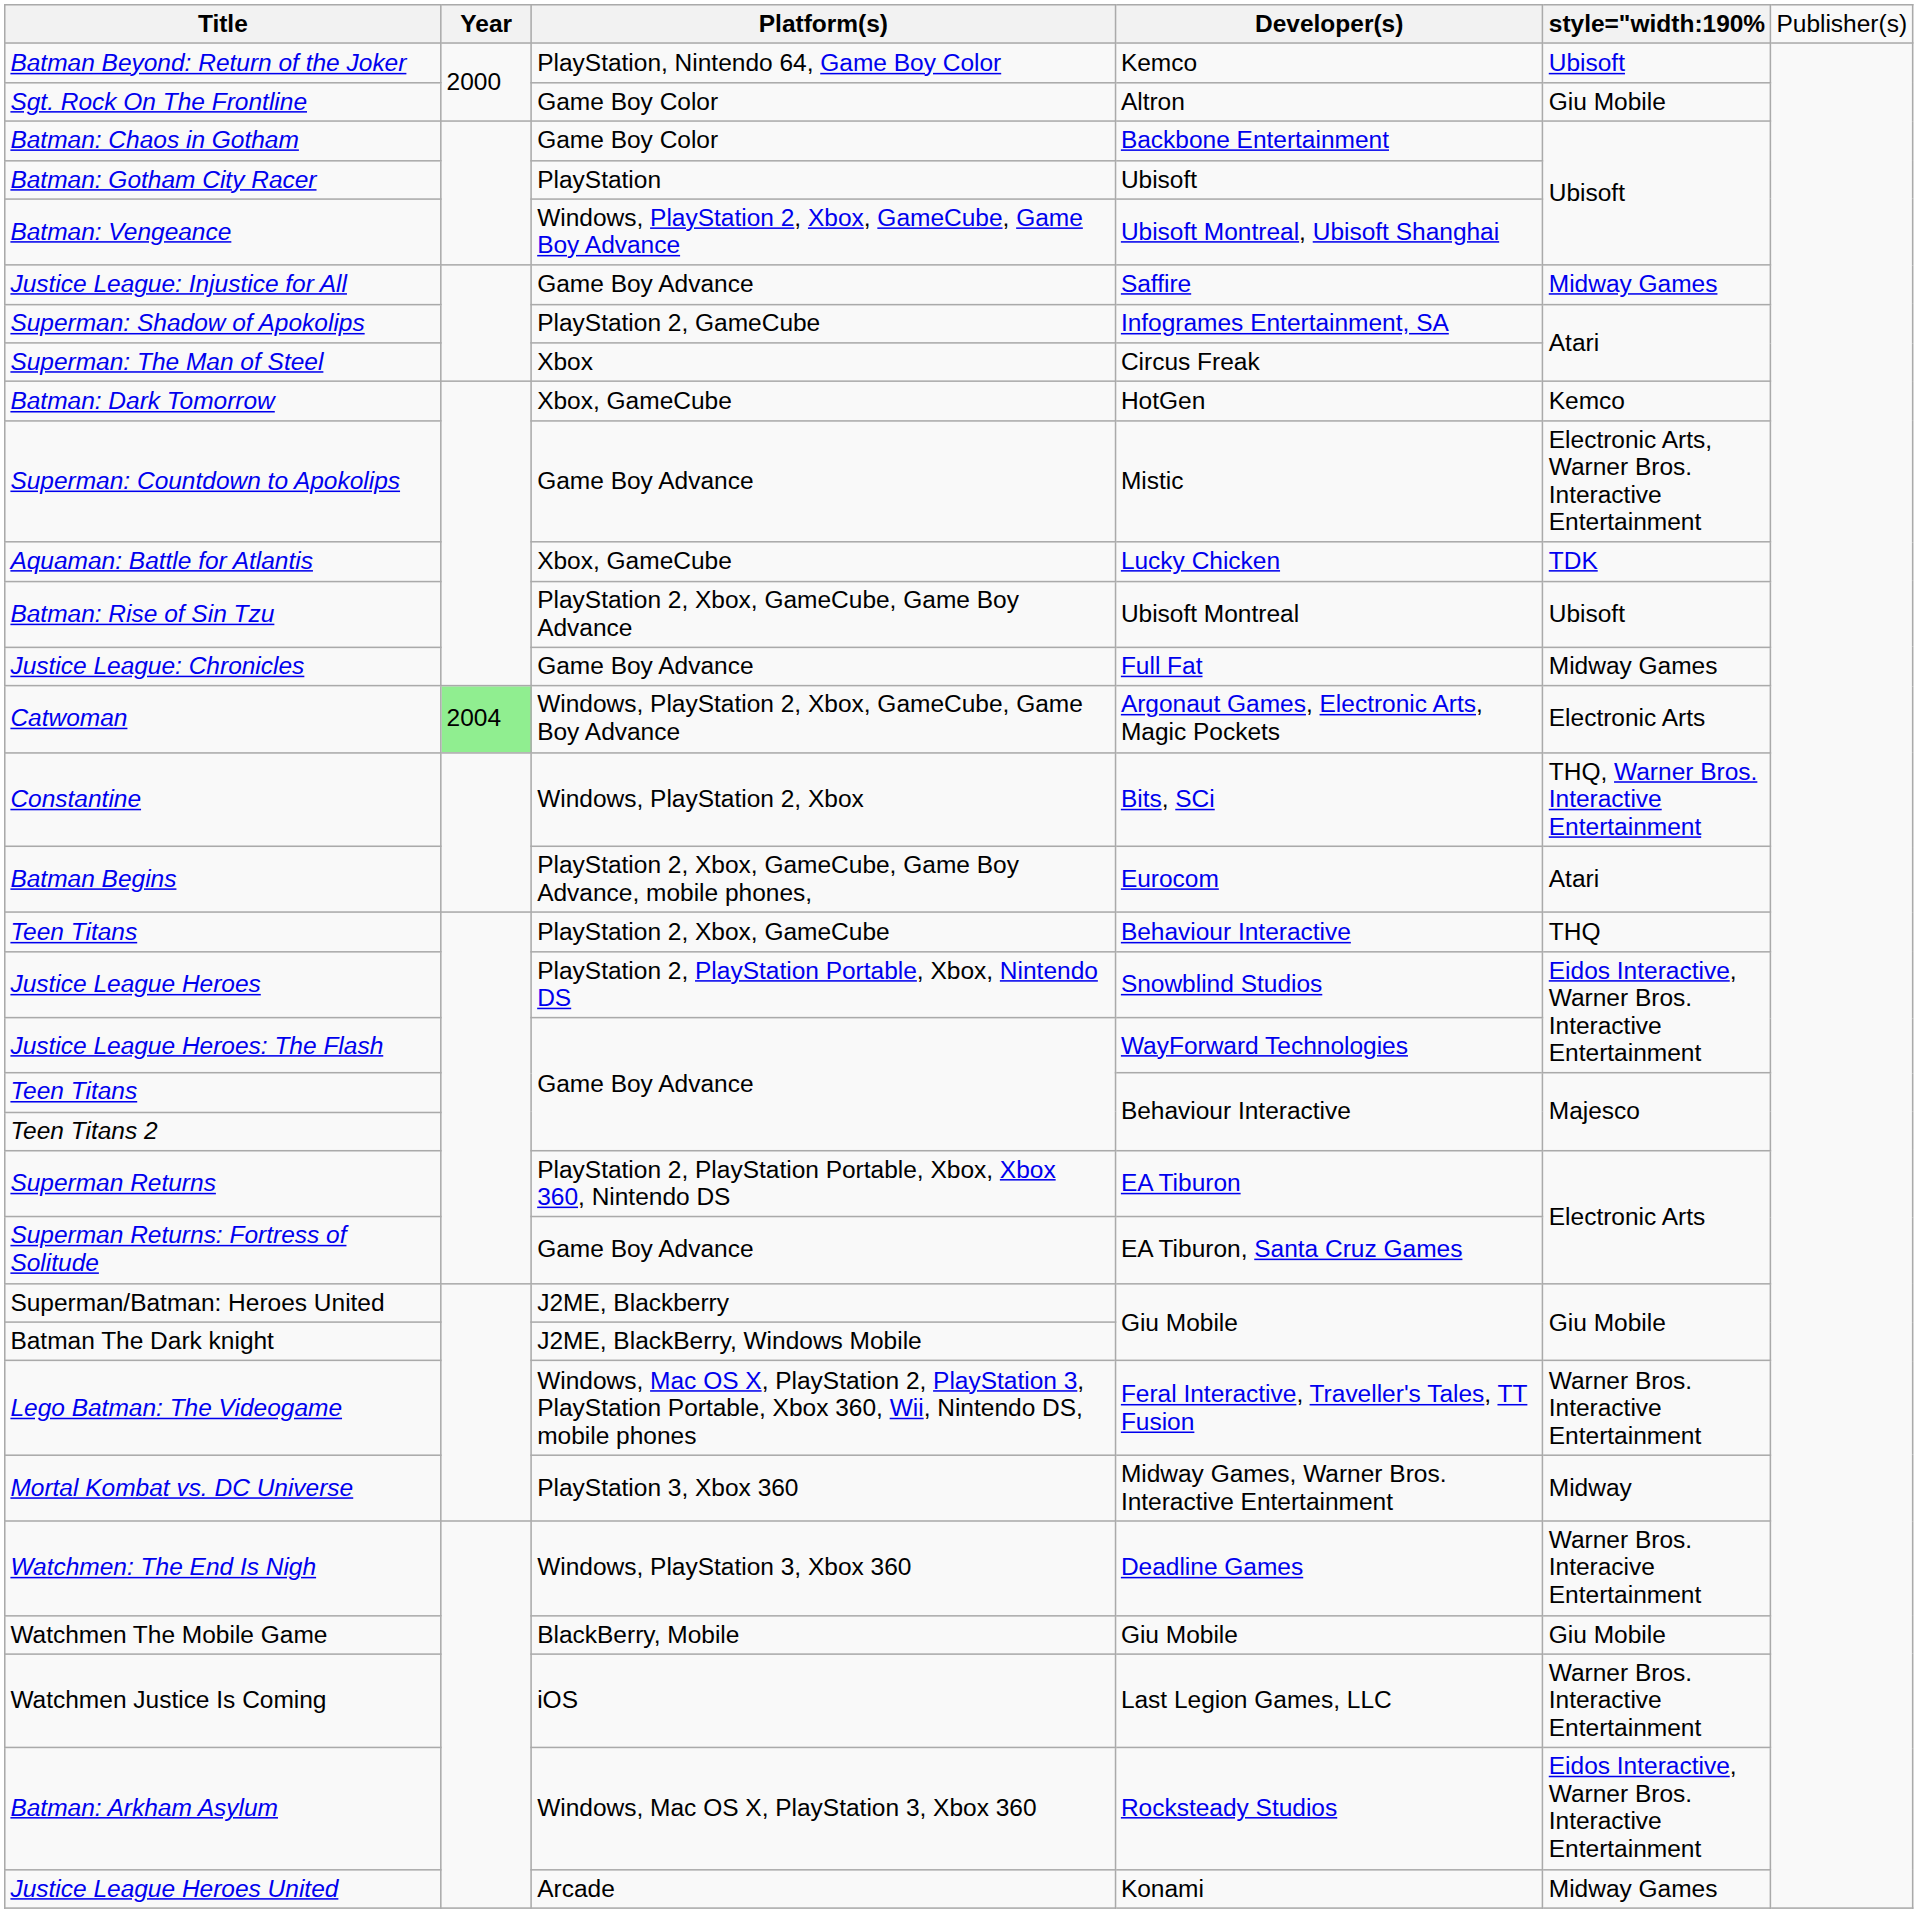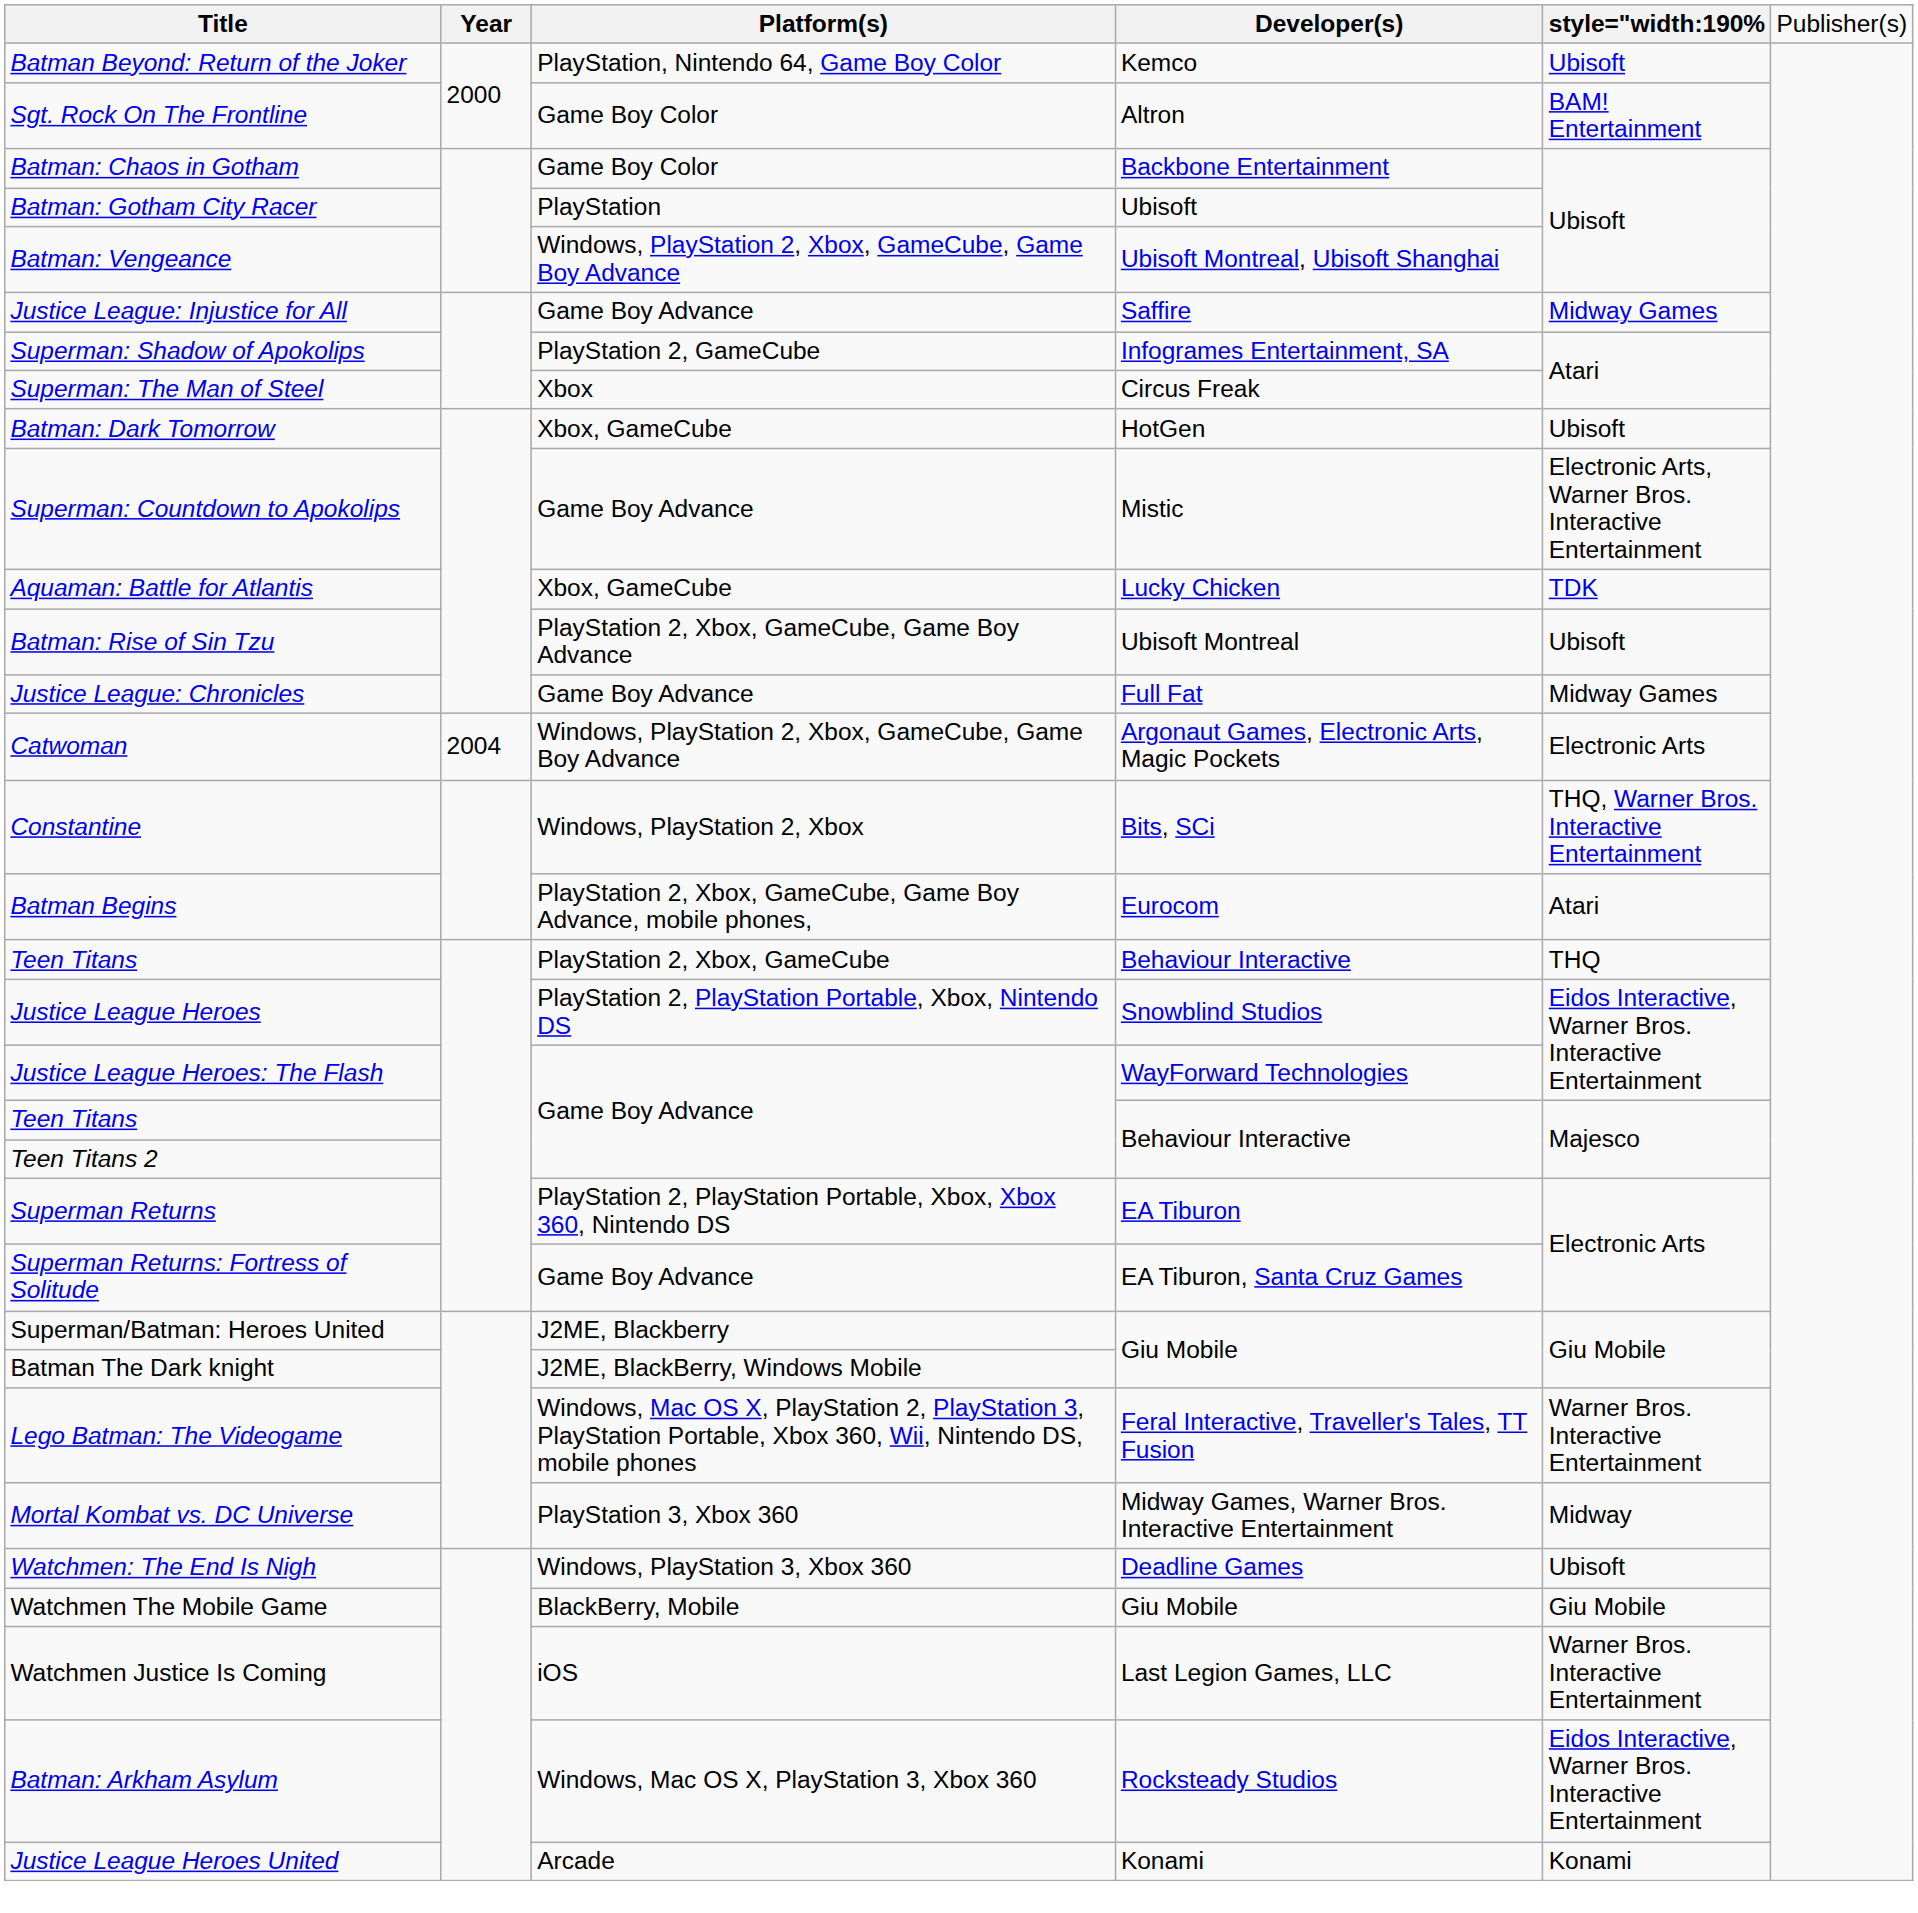 <table class="wikitable sortable">
 <tr>
 <th style="width:25%">Title</th>
 <th style="width:5%;">Year</th>
 <th style="width:35%">Platform(s)</th>
 <th style="width:25%">Developer(s)</th>
 <th>style="width:190%</th>
 <td>Publisher(s)</td>
 </tr>
 <tr>
 <td><em><a href='#'>Batman Beyond: Return of the Joker</a></em></td>
 <td rowspan="2">2000</td>
 <td>PlayStation, Nintendo 64, <a href='#'>Game Boy Color</a></td>
 <td>Kemco</td>
 <td rowspan="1"><a href='#'>Ubisoft</a></td>
 </tr>
 <tr>
 <td><em><a href='#'>Sgt. Rock On The Frontline</a></em></td>
 <td>Game Boy Color</td>
 <td>Altron</td>
-<td>Giu Mobile</td>
+<td rowspan="1"><a href='#'>BAM! Entertainment</a></td>
 </tr>
 <tr>
 <td><em><a href='#'>Batman: Chaos in Gotham</a></em></td>
 <td rowspan="3"></td>
 <td>Game Boy Color</td>
 <td><a href='#'>Backbone Entertainment</a></td>
 <td rowspan="3">Ubisoft</td>
 </tr>
 <tr>
 <td><em><a href='#'>Batman: Gotham City Racer</a></em></td>
 <td>PlayStation</td>
 <td>Ubisoft</td>
 </tr>
 <tr>
 <td><em><a href='#'>Batman: Vengeance</a></em></td>
 <td>Windows, <a href='#'>PlayStation 2</a>, <a href='#'>Xbox</a>, <a href='#'>GameCube</a>, <a href='#'>Game Boy Advance</a></td>
 <td><a href='#'>Ubisoft Montreal</a>, <a href='#'>Ubisoft Shanghai</a></td>
 </tr>
 <tr>
 <td><em><a href='#'>Justice League: Injustice for All</a></em></td>
 <td rowspan="3"></td>
 <td>Game Boy Advance</td>
 <td><a href='#'>Saffire</a></td>
 <td><a href='#'>Midway Games</a></td>
 </tr>
 <tr>
 <td><em><a href='#'>Superman: Shadow of Apokolips</a></em></td>
 <td>PlayStation 2, GameCube</td>
 <td><a href='#'>Infogrames Entertainment, SA</a></td>
 <td rowspan="2">Atari</td>
 </tr>
 <tr>
 <td><em><a href='#'>Superman: The Man of Steel</a></em></td>
 <td>Xbox</td>
 <td>Circus Freak</td>
 </tr>
 <tr>
 <td><em><a href='#'>Batman: Dark Tomorrow</a></em></td>
 <td rowspan="5"></td>
 <td>Xbox, GameCube</td>
 <td>HotGen</td>
-<td>Kemco</td>
+<td>Ubisoft</td>
 </tr>
 <tr>
 <td><em><a href='#'>Superman: Countdown to Apokolips</a></em></td>
 <td>Game Boy Advance</td>
 <td>Mistic</td>
 <td>Electronic Arts, Warner Bros. Interactive Entertainment</td>
 </tr>
 <tr>
 <td><em><a href='#'>Aquaman: Battle for Atlantis</a></em></td>
 <td>Xbox, GameCube</td>
 <td><a href='#'>Lucky Chicken</a></td>
 <td><a href='#'>TDK</a></td>
 </tr>
 <tr>
 <td><em><a href='#'>Batman: Rise of Sin Tzu</a></em></td>
 <td>PlayStation 2, Xbox, GameCube, Game Boy Advance</td>
 <td>Ubisoft Montreal</td>
 <td>Ubisoft</td>
 </tr>
 <tr>
 <td><em><a href='#'>Justice League: Chronicles</a></em></td>
 <td>Game Boy Advance</td>
 <td><a href='#'>Full Fat</a></td>
 <td>Midway Games</td>
 </tr>
 <tr>
 <td><em><a href='#'>Catwoman</a></em></td>
-<td style="background: lightgreen;">2004</td>
+<td>2004</td>
 <td>Windows, PlayStation 2, Xbox, GameCube, Game Boy Advance</td>
 <td><a href='#'>Argonaut Games</a>, <a href='#'>Electronic Arts</a>, Magic Pockets</td>
 <td>Electronic Arts</td>
 </tr>
 <tr>
 <td><em><a href='#'>Constantine</a></em></td>
 <td rowspan="2"></td>
 <td>Windows, PlayStation 2, Xbox</td>
 <td><a href='#'>Bits</a>, <a href='#'>SCi</a></td>
 <td>THQ, <a href='#'>Warner Bros. Interactive Entertainment</a></td>
 </tr>
 <tr>
 <td><em><a href='#'>Batman Begins</a></em></td>
 <td>PlayStation 2, Xbox, GameCube, Game Boy Advance, mobile phones,</td>
 <td><a href='#'>Eurocom</a></td>
 <td>Atari</td>
 </tr>
 <tr>
 <td><em><a href='#'>Teen Titans</a></em></td>
 <td rowspan="7"></td>
 <td>PlayStation 2, Xbox, GameCube</td>
 <td><a href='#'>Behaviour Interactive</a></td>
 <td>THQ</td>
 </tr>
 <tr>
 <td><em><a href='#'>Justice League Heroes</a></em></td>
 <td>PlayStation 2, <a href='#'>PlayStation Portable</a>, Xbox, <a href='#'>Nintendo DS</a></td>
 <td><a href='#'>Snowblind Studios</a></td>
 <td rowspan="2"><a href='#'>Eidos Interactive</a>, Warner Bros. Interactive Entertainment</td>
 </tr>
 <tr>
 <td><em><a href='#'>Justice League Heroes: The Flash</a></em></td>
 <td rowspan="3">Game Boy Advance</td>
 <td><a href='#'>WayForward Technologies</a></td>
 </tr>
 <tr>
 <td><em><a href='#'>Teen Titans</a></em></td>
 <td rowspan="2">Behaviour Interactive</td>
 <td rowspan="2">Majesco</td>
 </tr>
 <tr>
 <td><em>Teen Titans 2</em></td>
 </tr>
 <tr>
 <td><em><a href='#'>Superman Returns</a></em></td>
 <td>PlayStation 2, PlayStation Portable, Xbox, <a href='#'>Xbox 360</a>, Nintendo DS</td>
 <td><a href='#'>EA Tiburon</a></td>
 <td rowspan="2">Electronic Arts</td>
 </tr>
 <tr>
 <td><em><a href='#'>Superman Returns: Fortress of Solitude</a></em></td>
 <td>Game Boy Advance</td>
 <td>EA Tiburon, <a href='#'>Santa Cruz Games</a></td>
 </tr>
 <tr>
 <td>Superman/Batman: Heroes United</td>
 <td rowspan="4"></td>
 <td>J2ME, Blackberry</td>
 <td rowspan="2">Giu Mobile</td>
 <td rowspan="2">Giu Mobile</td>
 </tr>
 <tr>
 <td>Batman The Dark knight</td>
 <td>J2ME, BlackBerry, Windows Mobile</td>
 </tr>
 <tr>
 <td><em><a href='#'>Lego Batman: The Videogame</a></em></td>
 <td>Windows, <a href='#'>Mac OS X</a>, PlayStation 2, <a href='#'>PlayStation 3</a>, PlayStation Portable, Xbox 360, <a href='#'>Wii</a>, Nintendo DS, mobile phones</td>
 <td><a href='#'>Feral Interactive</a>, <a href='#'>Traveller's Tales</a>, <a href='#'>TT Fusion</a></td>
 <td>Warner Bros. Interactive Entertainment</td>
 </tr>
 <tr>
 <td><em><a href='#'>Mortal Kombat vs. DC Universe</a></em></td>
 <td>PlayStation 3, Xbox 360</td>
 <td>Midway Games, Warner Bros. Interactive Entertainment</td>
 <td>Midway</td>
 </tr>
 <tr>
 <td><em><a href='#'>Watchmen: The End Is Nigh</a></em></td>
 <td rowspan="5"></td>
 <td>Windows, PlayStation 3, Xbox 360</td>
 <td><a href='#'>Deadline Games</a></td>
-<td>Warner Bros. Interacive Entertainment</td>
+<td>Ubisoft</td>
 </tr>
 <tr>
 <td>Watchmen The Mobile Game</td>
 <td>BlackBerry, Mobile</td>
 <td>Giu Mobile</td>
 <td>Giu Mobile</td>
 </tr>
 <tr>
 <td>Watchmen Justice Is Coming</td>
 <td>iOS</td>
 <td>Last Legion Games, LLC</td>
 <td>Warner Bros. Interactive Entertainment</td>
 </tr>
 <tr>
 <td><em><a href='#'>Batman: Arkham Asylum</a></em></td>
 <td>Windows, Mac OS X, PlayStation 3, Xbox 360</td>
 <td><a href='#'>Rocksteady Studios</a></td>
 <td><a href='#'>Eidos Interactive</a>, Warner Bros. Interactive Entertainment</td>
 </tr>
 <tr>
 <td><em><a href='#'>Justice League Heroes United</a></em></td>
 <td>Arcade</td>
 <td>Konami</td>
-<td>Midway Games</td>
+<td>Konami</td>
 </tr>
 </table>
